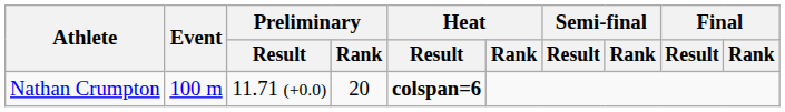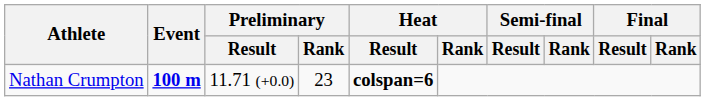 <table class=wikitable style=font-size:90%>
 <tr>
 <th rowspan=2>Athlete</th>
 <th rowspan=2>Event</th>
 <th colspan=2>Preliminary</th>
 <th colspan=2>Heat</th>
 <th colspan=2>Semi-final</th>
 <th colspan=2>Final</th>
 </tr>
 <tr style=font-size:95%>
 <th>Result</th>
 <th>Rank</th>
 <th>Result</th>
 <th>Rank</th>
 <th>Result</th>
 <th>Rank</th>
 <th>Result</th>
 <th>Rank</th>
 </tr>
 <tr align=center>
 <td align=left><a href='#'>Nathan Crumpton</a></td>
-<td align=left><a href='#'>100 m</a></td>
+<td align=left><strong><a href='#'>100 m</a></strong></td>
 <td>11.71 <small>(+0.0)</small> </td>
-<td>20</td>
+<td>23</td>
 <td><strong>colspan=6 </strong></td>
 </tr>
 </table>
